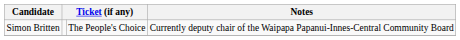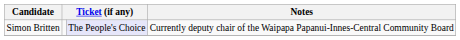 <table class="wikitable" style="font-size: 95%">
 <tr>
 <th>Candidate</th>
 <th colspan="2"><a href='#'>Ticket</a> (if any)</th>
 <th>Notes</th>
 </tr>
 <tr>
 <td>Simon Britten</td>
 <td style="background-color:"></td>
-<td>The People's Choice</td>
+<td style="background: lavender;">The People's Choice</td>
 <td>Currently deputy chair of the Waipapa Papanui-Innes-Central Community Board</td>
 </tr>
 <tr>
 </tr>
 </table>
